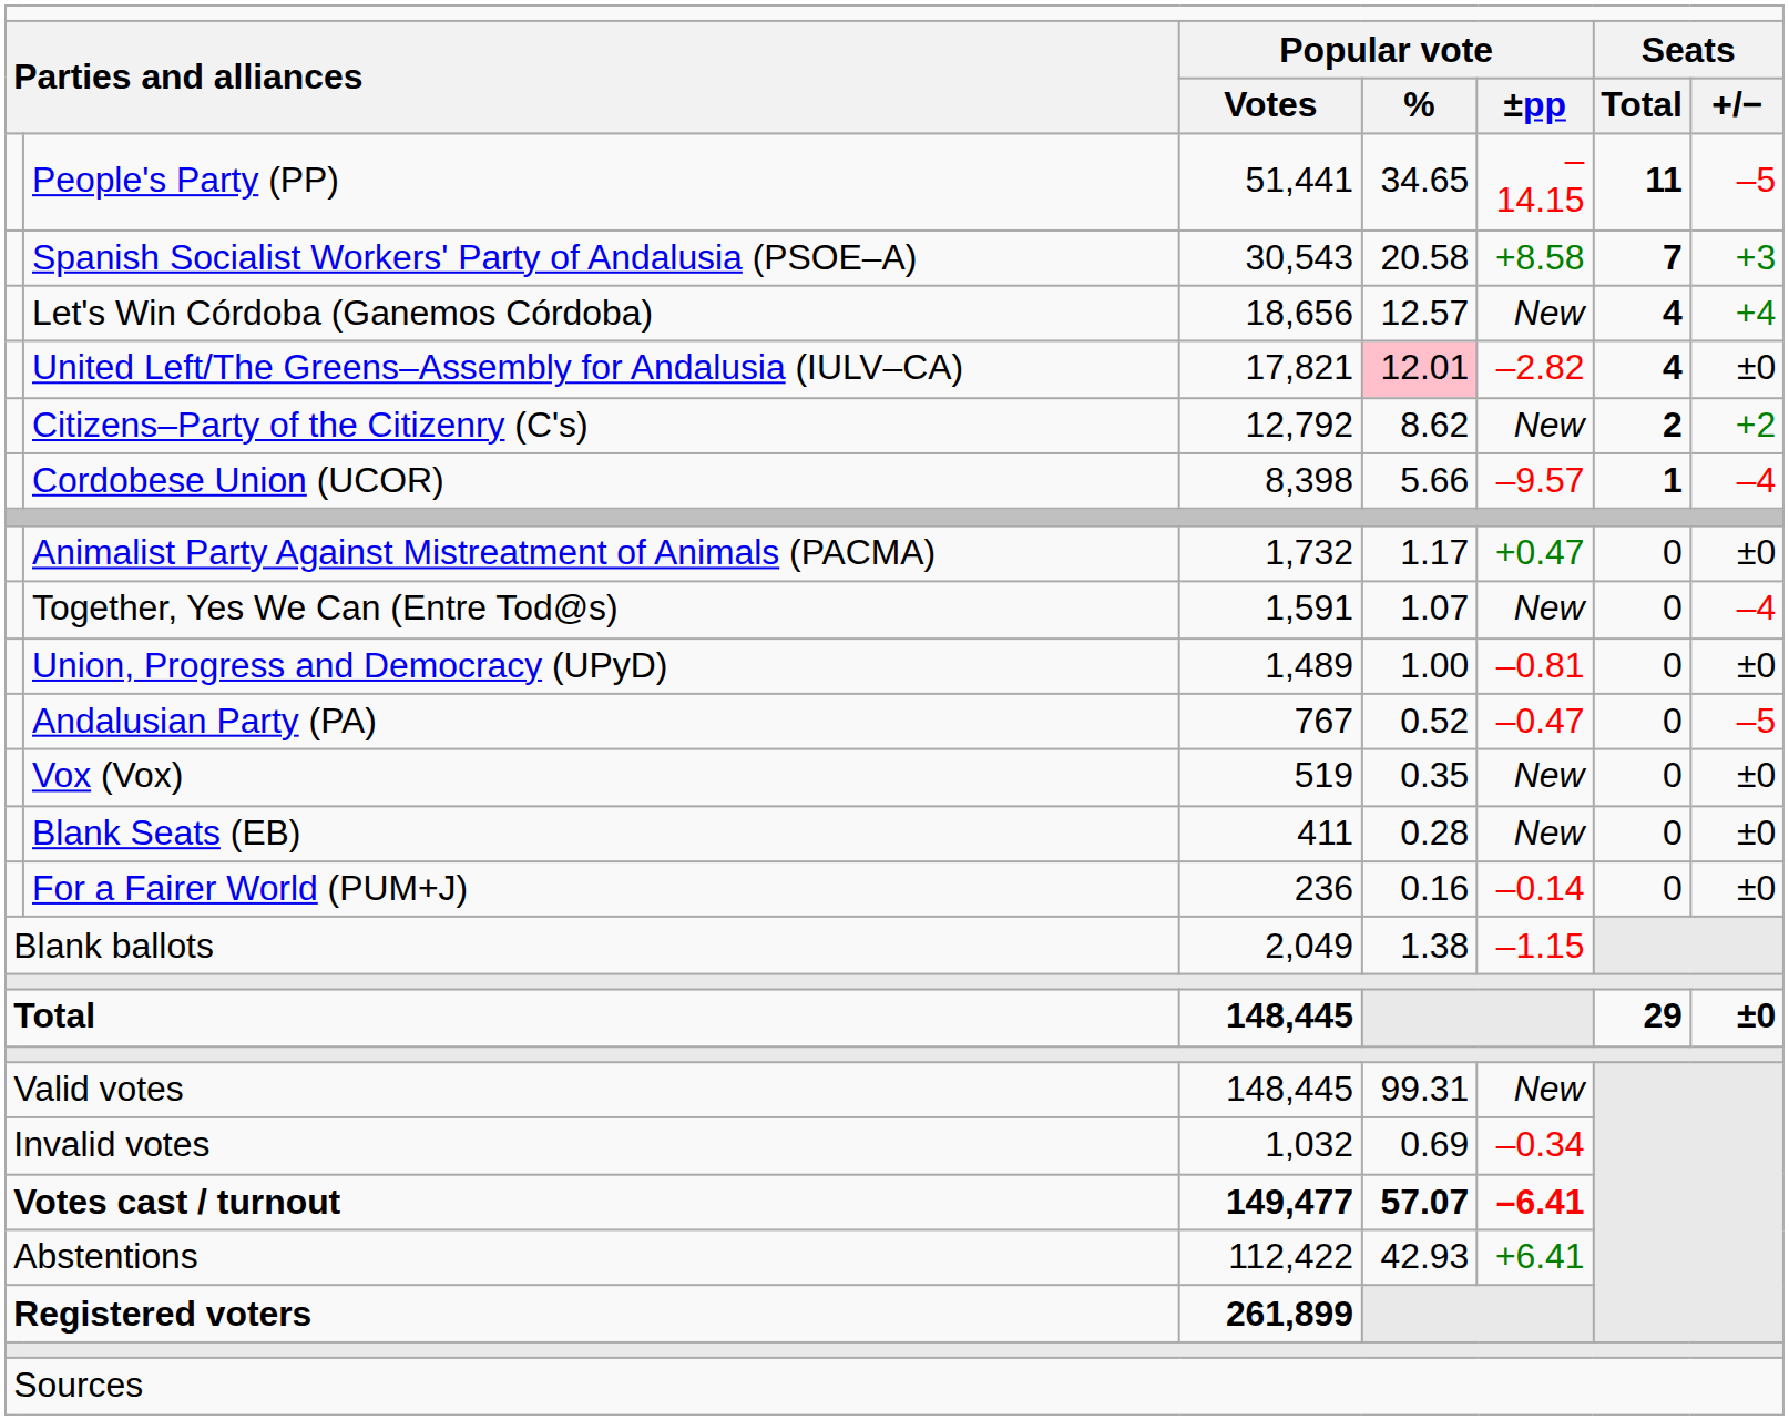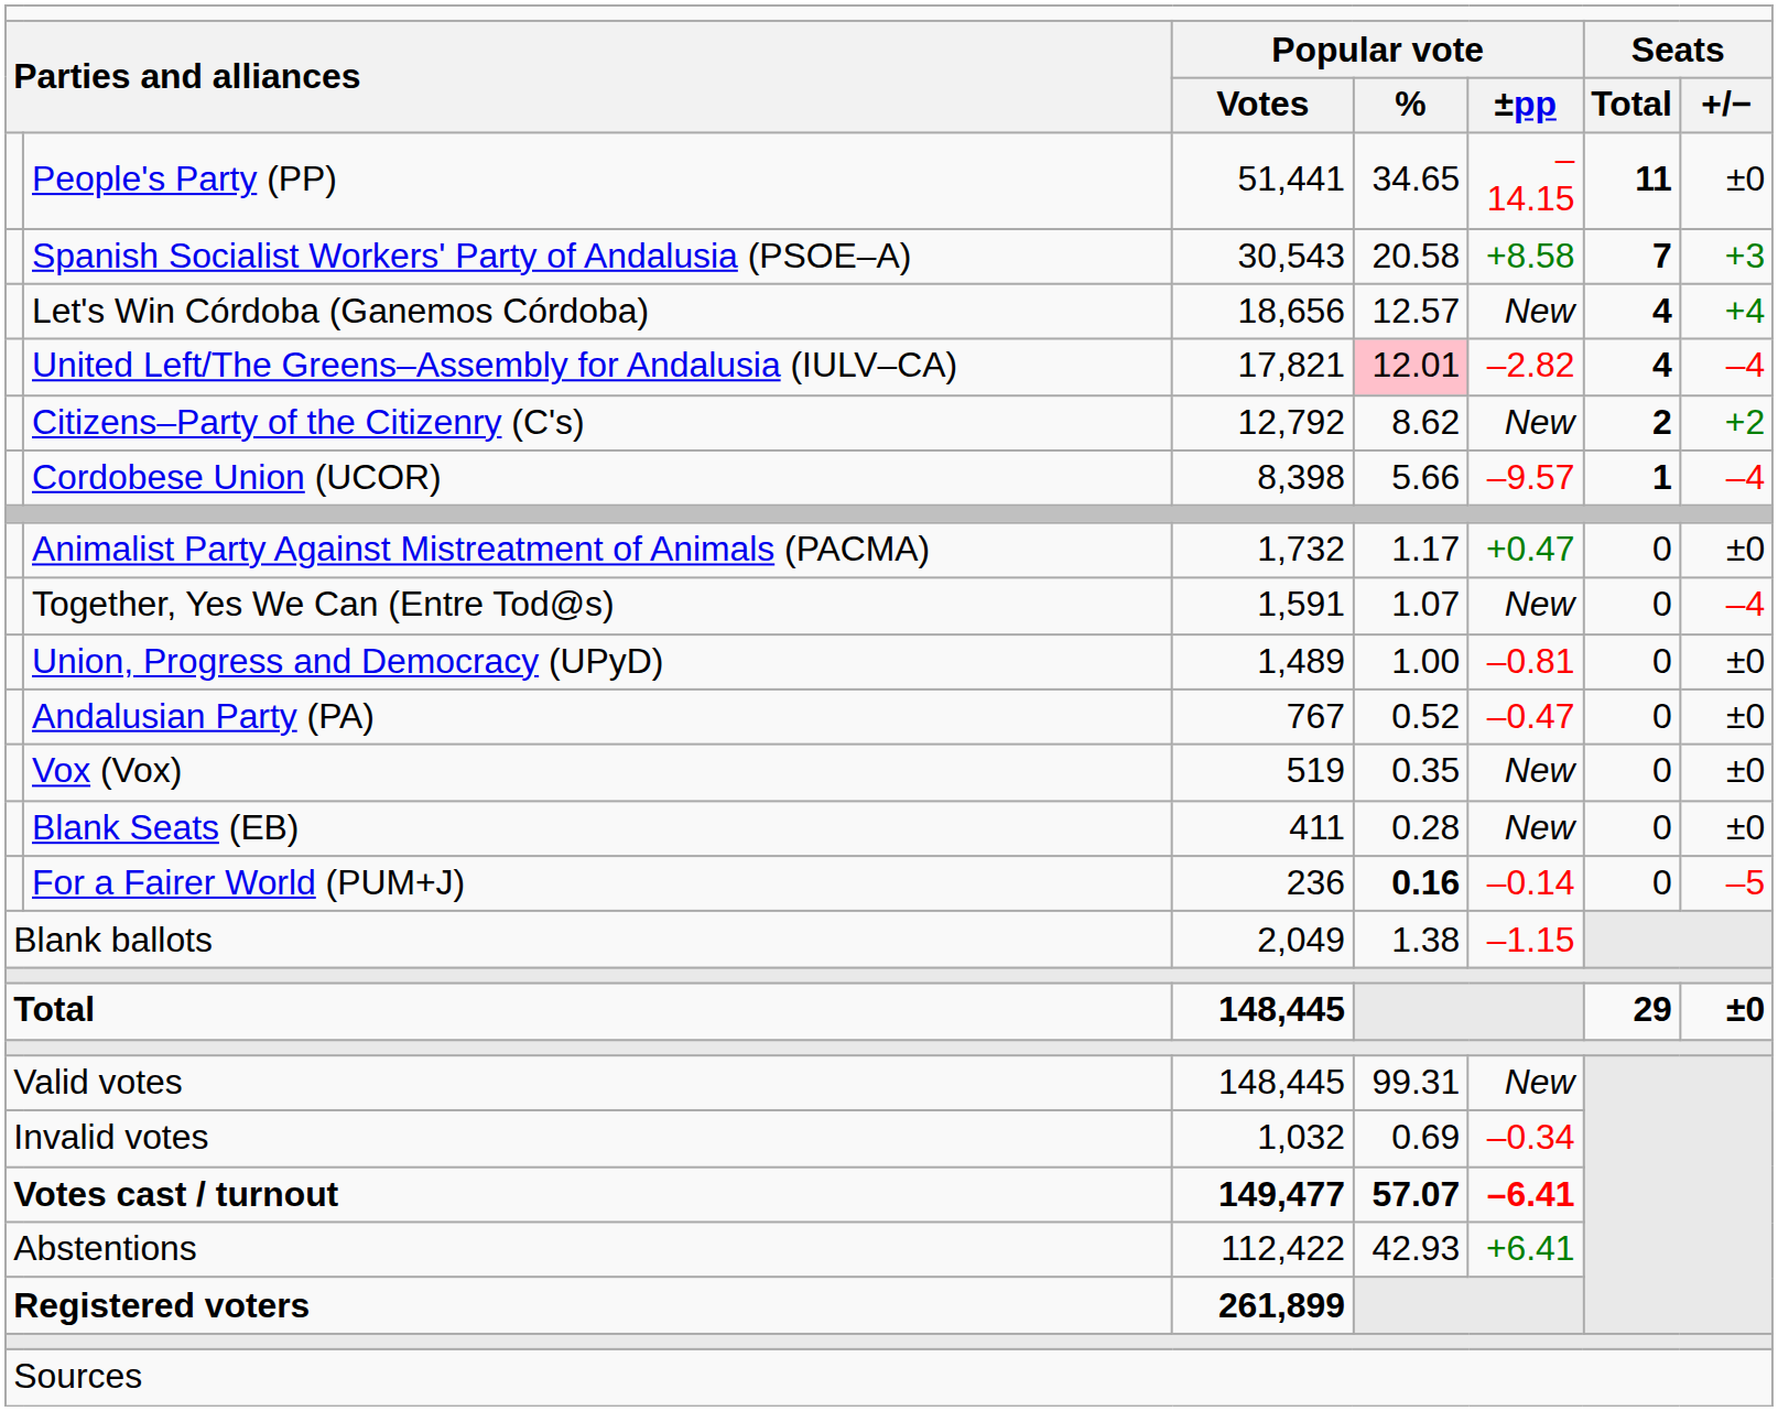 <table class="wikitable" style="text-align:right;">
 <tr>
 <td colspan="7"></td>
 </tr>
 <tr>
 <th style="text-align:left;" rowspan="2" colspan="2" width="525">Parties and alliances</th>
 <th colspan="3">Popular vote</th>
 <th colspan="2">Seats</th>
 </tr>
 <tr>
 <th width="75">Votes</th>
 <th width="45">%</th>
 <th width="45">±<a href='#'>pp</a></th>
 <th width="35">Total</th>
 <th width="35">+/−</th>
 </tr>
 <tr>
 <td width="1" style="color:inherit;background:"></td>
 <td align="left"><a href='#'>People's Party</a> (PP)</td>
 <td>51,441</td>
 <td>34.65</td>
 <td style="color:red;">–14.15</td>
 <td><strong>11</strong></td>
-<td style="color:red;">–5</td>
+<td>±0</td>
 </tr>
 <tr>
 <td style="color:inherit;background:"></td>
 <td align="left"><a href='#'>Spanish Socialist Workers' Party of Andalusia</a> (PSOE–A)</td>
 <td>30,543</td>
 <td>20.58</td>
 <td style="color:green;">+8.58</td>
 <td><strong>7</strong></td>
 <td style="color:green;">+3</td>
 </tr>
 <tr>
 <td style="color:inherit;background:"></td>
 <td align="left">Let's Win Córdoba (Ganemos Córdoba)</td>
 <td>18,656</td>
 <td>12.57</td>
 <td><em>New</em></td>
 <td><strong>4</strong></td>
 <td style="color:green;">+4</td>
 </tr>
 <tr>
 <td style="color:inherit;background:"></td>
 <td align="left"><a href='#'>United Left/The Greens–Assembly for Andalusia</a> (IULV–CA)</td>
 <td>17,821</td>
 <td style="background: pink;">12.01</td>
 <td style="color:red;">–2.82</td>
 <td><strong>4</strong></td>
-<td>±0</td>
+<td style="color:red;">–4</td>
 </tr>
 <tr>
 <td style="color:inherit;background:"></td>
 <td align="left"><a href='#'>Citizens–Party of the Citizenry</a> (C's)</td>
 <td>12,792</td>
 <td>8.62</td>
 <td><em>New</em></td>
 <td><strong>2</strong></td>
 <td style="color:green;">+2</td>
 </tr>
 <tr>
 <td style="color:inherit;background:"></td>
 <td align="left"><a href='#'>Cordobese Union</a> (UCOR)</td>
 <td>8,398</td>
 <td>5.66</td>
 <td style="color:red;">–9.57</td>
 <td><strong>1</strong></td>
 <td style="color:red;">–4</td>
 </tr>
 <tr>
 <td colspan="7" bgcolor="#C0C0C0"></td>
 </tr>
 <tr>
 <td style="color:inherit;background:"></td>
 <td align="left"><a href='#'>Animalist Party Against Mistreatment of Animals</a> (PACMA)</td>
 <td>1,732</td>
 <td>1.17</td>
 <td style="color:green;">+0.47</td>
 <td>0</td>
 <td>±0</td>
 </tr>
 <tr>
 <td style="color:inherit;background:"></td>
 <td align="left">Together, Yes We Can (Entre Tod@s)</td>
 <td>1,591</td>
 <td>1.07</td>
 <td><em>New</em></td>
 <td>0</td>
 <td style="color:red;">–4</td>
 </tr>
 <tr>
 <td style="color:inherit;background:"></td>
 <td align="left"><a href='#'>Union, Progress and Democracy</a> (UPyD)</td>
 <td>1,489</td>
 <td>1.00</td>
 <td style="color:red;">–0.81</td>
 <td>0</td>
 <td>±0</td>
 </tr>
 <tr>
 <td style="color:inherit;background:"></td>
 <td align="left"><a href='#'>Andalusian Party</a> (PA)</td>
 <td>767</td>
 <td>0.52</td>
 <td style="color:red;">–0.47</td>
 <td>0</td>
-<td style="color:red;">–5</td>
+<td>±0</td>
 </tr>
 <tr>
 <td style="color:inherit;background:"></td>
 <td align="left"><a href='#'>Vox</a> (Vox)</td>
 <td>519</td>
 <td>0.35</td>
 <td><em>New</em></td>
 <td>0</td>
 <td>±0</td>
 </tr>
 <tr>
 <td style="color:inherit;background:"></td>
 <td align="left"><a href='#'>Blank Seats</a> (EB)</td>
 <td>411</td>
 <td>0.28</td>
 <td><em>New</em></td>
 <td>0</td>
 <td>±0</td>
 </tr>
 <tr>
 <td style="color:inherit;background:"></td>
 <td align="left"><a href='#'>For a Fairer World</a> (PUM+J)</td>
 <td>236</td>
-<td>0.16</td>
+<td><strong>0.16</strong></td>
 <td style="color:red;">–0.14</td>
 <td>0</td>
-<td>±0</td>
+<td style="color:red;">–5</td>
 </tr>
 <tr>
 <td align="left" colspan="2">Blank ballots</td>
 <td>2,049</td>
 <td>1.38</td>
 <td style="color:red;">–1.15</td>
 <td bgcolor="#E9E9E9" colspan="2"></td>
 </tr>
 <tr>
 <td colspan="7" bgcolor="#E9E9E9"></td>
 </tr>
 <tr style="font-weight:bold;">
 <td align="left" colspan="2">Total</td>
 <td>148,445</td>
 <td bgcolor="#E9E9E9" colspan="2"></td>
 <td>29</td>
 <td>±0</td>
 </tr>
 <tr>
 <td colspan="7" bgcolor="#E9E9E9"></td>
 </tr>
 <tr>
 <td align="left" colspan="2">Valid votes</td>
 <td>148,445</td>
 <td>99.31</td>
 <td><em>New</em></td>
 <td bgcolor="#E9E9E9" colspan="2" rowspan="5"></td>
 </tr>
 <tr>
 <td align="left" colspan="2">Invalid votes</td>
 <td>1,032</td>
 <td>0.69</td>
 <td style="color:red;">–0.34</td>
 </tr>
 <tr style="font-weight:bold;">
 <td align="left" colspan="2">Votes cast / turnout</td>
 <td>149,477</td>
 <td>57.07</td>
 <td style="color:red;">–6.41</td>
 </tr>
 <tr>
 <td align="left" colspan="2">Abstentions</td>
 <td>112,422</td>
 <td>42.93</td>
 <td style="color:green;">+6.41</td>
 </tr>
 <tr style="font-weight:bold;">
 <td align="left" colspan="2">Registered voters</td>
 <td>261,899</td>
 <td bgcolor="#E9E9E9" colspan="2"></td>
 </tr>
 <tr>
 <td colspan="7" bgcolor="#E9E9E9"></td>
 </tr>
 <tr>
 <td align="left" colspan="7">Sources</td>
 </tr>
 </table>
